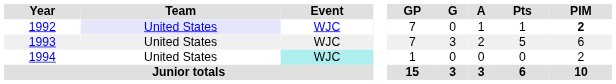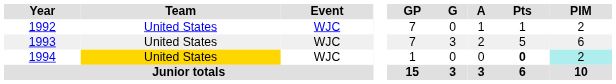 <table border="0" cellpadding="1" cellspacing="0" style="text-align:center; width:50em">
 <tr ALIGN="center" bgcolor="#e0e0e0">
 <th>Year</th>
 <th>Team</th>
 <th>Event</th>
 <th rowspan="99" bgcolor="#ffffff"> </th>
 <th>GP</th>
 <th>G</th>
 <th>A</th>
 <th>Pts</th>
 <th>PIM</th>
 </tr>
 <tr>
 <td><a href='#'>1992</a></td>
-<td style="background: lavender;"><a href='#'>United States</a></td>
+<td><a href='#'>United States</a></td>
 <td><a href='#'>WJC</a></td>
 <td>7</td>
 <td>0</td>
 <td>1</td>
 <td>1</td>
-<td><strong>2</strong></td>
+<td>2</td>
 </tr>
 <tr bgcolor="#f0f0f0">
 <td><a href='#'>1993</a></td>
 <td>United States</td>
 <td>WJC</td>
 <td>7</td>
 <td>3</td>
 <td>2</td>
 <td>5</td>
 <td>6</td>
 </tr>
 <tr>
 <td><a href='#'>1994</a></td>
-<td>United States</td>
-<td style="background: paleturquoise;">WJC</td>
+<td style="background: gold;">United States</td>
+<td>WJC</td>
 <td>1</td>
 <td>0</td>
 <td>0</td>
-<td>0</td>
-<td>2</td>
+<td><strong>0</strong></td>
+<td style="background: paleturquoise;">2</td>
 </tr>
 <tr bgcolor="#e0e0e0">
 <th colspan=3>Junior totals</th>
 <th>15</th>
 <th>3</th>
 <th>3</th>
 <th>6</th>
 <th>10</th>
 </tr>
 </table>
